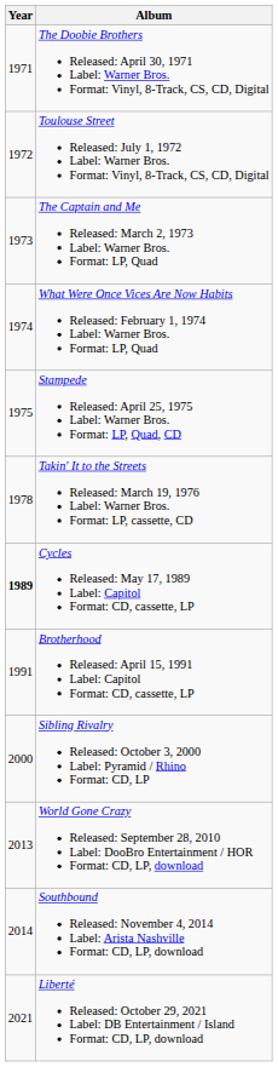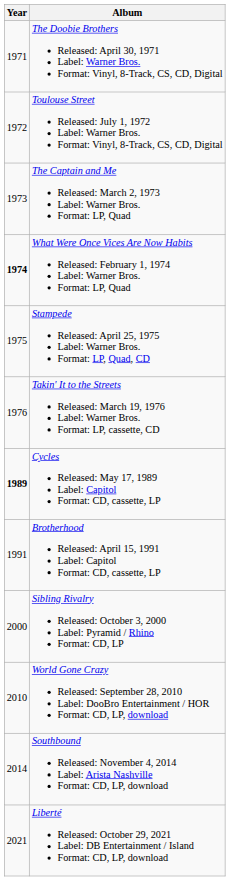 <table class="wikitable">
 <tr>
 <th>Year</th>
 <th>Album</th>
 </tr>
 <tr>
 <td>1971</td>
 <td><em><a href='#'>The Doobie Brothers</a></em><br><ul><li>Released: April 30, 1971</li><li>Label: <a href='#'>Warner Bros.</a></li><li>Format: Vinyl, 8-Track, CS, CD, Digital</li></ul></td>
 </tr>
 <tr>
 <td>1972</td>
 <td><em><a href='#'>Toulouse Street</a></em><br><ul><li>Released: July 1, 1972</li><li>Label: Warner Bros.</li><li>Format: Vinyl, 8-Track, CS, CD, Digital</li></ul></td>
 </tr>
 <tr>
 <td>1973</td>
 <td><em><a href='#'>The Captain and Me</a></em><br><ul><li>Released: March 2, 1973</li><li>Label: Warner Bros.</li><li>Format: LP, Quad</li></ul></td>
 </tr>
 <tr>
-<td>1974</td>
+<td><strong>1974</strong></td>
 <td><em><a href='#'>What Were Once Vices Are Now Habits</a></em><br><ul><li>Released: February 1, 1974</li><li>Label: Warner Bros.</li><li>Format: LP, Quad</li></ul></td>
 </tr>
 <tr>
 <td>1975</td>
 <td><em><a href='#'>Stampede</a></em><br><ul><li>Released: April 25, 1975</li><li>Label: Warner Bros.</li><li>Format: <a href='#'>LP</a>, <a href='#'>Quad</a>, <a href='#'>CD</a></li></ul></td>
 </tr>
 <tr>
-<td>1978</td>
+<td>1976</td>
 <td><em><a href='#'>Takin' It to the Streets</a></em><br><ul><li>Released: March 19, 1976</li><li>Label: Warner Bros.</li><li>Format: LP, cassette, CD</li></ul></td>
 </tr>
 <tr>
 <td><strong>1989</strong></td>
 <td><em><a href='#'>Cycles</a></em><br><ul><li>Released: May 17, 1989</li><li>Label: <a href='#'>Capitol</a></li><li>Format: CD, cassette, LP</li></ul></td>
 </tr>
 <tr>
 <td>1991</td>
 <td><em><a href='#'>Brotherhood</a></em><br><ul><li>Released: April 15, 1991</li><li>Label: Capitol</li><li>Format: CD, cassette, LP</li></ul></td>
 </tr>
 <tr>
 <td>2000</td>
 <td><em><a href='#'>Sibling Rivalry</a></em><br><ul><li>Released: October 3, 2000</li><li>Label: Pyramid / <a href='#'>Rhino</a></li><li>Format: CD, LP</li></ul></td>
 </tr>
 <tr>
-<td>2013</td>
+<td>2010</td>
 <td><em><a href='#'>World Gone Crazy</a></em><br><ul><li>Released: September 28, 2010</li><li>Label: DooBro Entertainment / HOR</li><li>Format: CD, LP, <a href='#'>download</a></li></ul></td>
 </tr>
 <tr>
 <td>2014</td>
 <td><em><a href='#'>Southbound</a></em><br><ul><li>Released: November 4, 2014</li><li>Label: <a href='#'>Arista Nashville</a></li><li>Format: CD, LP, download</li></ul></td>
 </tr>
 <tr>
 <td>2021</td>
 <td><em><a href='#'>Liberté</a></em><br><ul><li>Released: October 29, 2021</li><li>Label: DB Entertainment / Island</li><li>Format: CD, LP, download</li></ul></td>
 </tr>
 </table>
